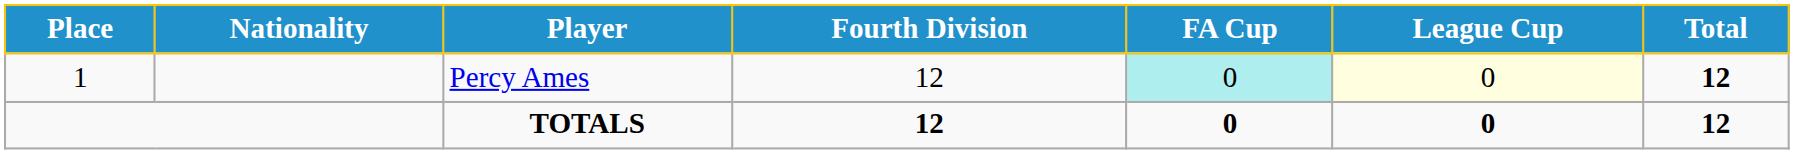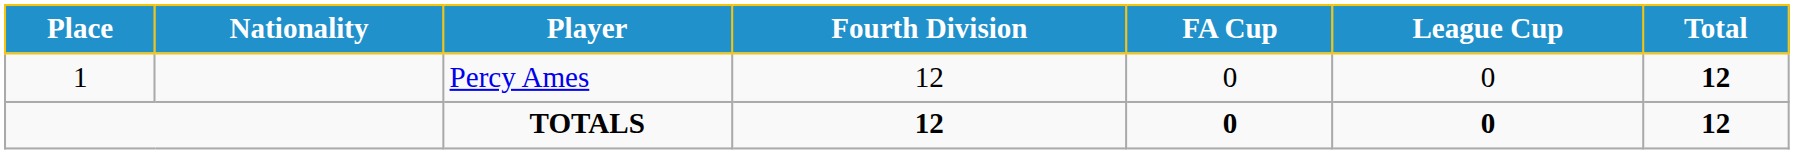 <table class="wikitable" style="text-align:center; font-size:90%; width:100%;">
 <tr>
 <th style="background:#2191CC; color:white; border:1px solid #F7C408; text-align:center;">Place</th>
 <th style="background:#2191CC; color:white; border:1px solid #F7C408; text-align:center;">Nationality</th>
 <th style="background:#2191CC; color:white; border:1px solid #F7C408; text-align:center;">Player</th>
 <th style="background:#2191CC; color:white; border:1px solid #F7C408; text-align:center;">Fourth Division</th>
 <th style="background:#2191CC; color:white; border:1px solid #F7C408; text-align:center;">FA Cup</th>
 <th style="background:#2191CC; color:white; border:1px solid #F7C408; text-align:center;">League Cup</th>
 <th style="background:#2191CC; color:white; border:1px solid #F7C408; text-align:center;">Total</th>
 </tr>
 <tr>
 <td>1</td>
 <td></td>
 <td align="left"><a href='#'>Percy Ames</a></td>
 <td>12</td>
-<td style="background: paleturquoise;">0</td>
-<td style="background: lightyellow;">0</td>
+<td>0</td>
+<td>0</td>
 <td><strong>12</strong></td>
 </tr>
 <tr>
 <td colspan="2"></td>
 <td><strong>TOTALS</strong></td>
 <td><strong>12</strong></td>
 <td><strong>0</strong></td>
 <td><strong>0</strong></td>
 <td><strong>12</strong></td>
 </tr>
 </table>
